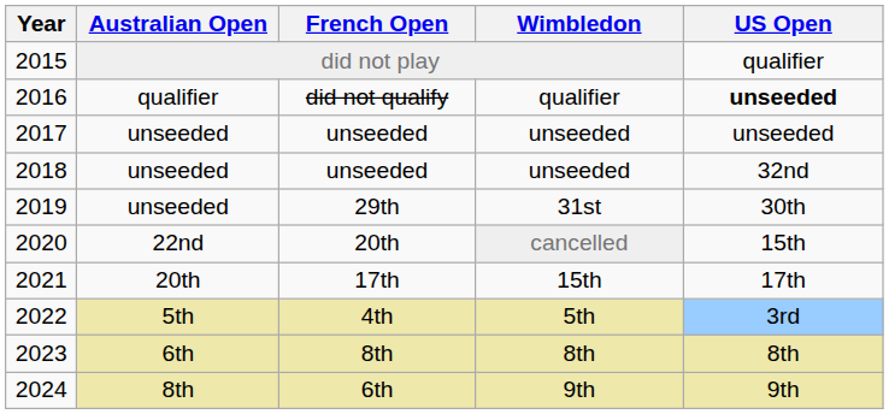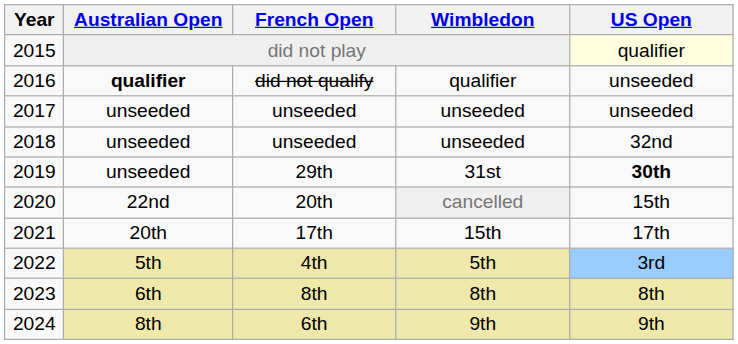 <table class="wikitable" style="text-align:center">
 <tr>
 <th width="50">Year</th>
 <th width="200"><a href='#'>Australian Open</a></th>
 <th width="200"><a href='#'>French Open</a></th>
 <th width="200"><a href='#'>Wimbledon</a></th>
 <th width="200"><a href='#'>US Open</a></th>
 </tr>
 <tr>
 <td>2015</td>
 <td colspan="3" bgcolor="efefef" style="color:#767676">did not play</td>
-<td>qualifier</td>
+<td style="background: lightyellow;">qualifier</td>
 </tr>
 <tr>
 <td>2016</td>
-<td>qualifier</td>
+<td><strong>qualifier</strong></td>
 <td><s>did not qualify</s></td>
 <td>qualifier</td>
-<td><strong>unseeded</strong></td>
+<td>unseeded</td>
 </tr>
 <tr>
 <td>2017</td>
 <td>unseeded</td>
 <td>unseeded</td>
 <td>unseeded</td>
 <td>unseeded</td>
 </tr>
 <tr>
 <td>2018</td>
 <td>unseeded</td>
 <td>unseeded</td>
 <td>unseeded</td>
 <td>32nd</td>
 </tr>
 <tr>
 <td>2019</td>
 <td>unseeded</td>
 <td>29th</td>
 <td>31st</td>
-<td>30th</td>
+<td><strong>30th</strong></td>
 </tr>
 <tr>
 <td>2020</td>
 <td>22nd</td>
 <td>20th</td>
 <td bgcolor="efefef" style="color:#767676">cancelled</td>
 <td>15th</td>
 </tr>
 <tr>
 <td>2021</td>
 <td>20th</td>
 <td>17th</td>
 <td>15th</td>
 <td>17th</td>
 </tr>
 <tr>
 <td>2022</td>
 <td bgcolor="eee8aa">5th</td>
 <td bgcolor="eee8aa">4th</td>
 <td bgcolor="eee8aa">5th</td>
 <td bgcolor="#9cf">3rd</td>
 </tr>
 <tr>
 <td>2023</td>
 <td bgcolor="eee8aa">6th</td>
 <td bgcolor="eee8aa">8th</td>
 <td bgcolor="eee8aa">8th</td>
 <td bgcolor="eee8aa">8th</td>
 </tr>
 <tr>
 <td>2024</td>
 <td bgcolor="eee8aa">8th</td>
 <td bgcolor="eee8aa">6th</td>
 <td bgcolor="eee8aa">9th</td>
 <td bgcolor="eee8aa">9th</td>
 </tr>
 </table>
